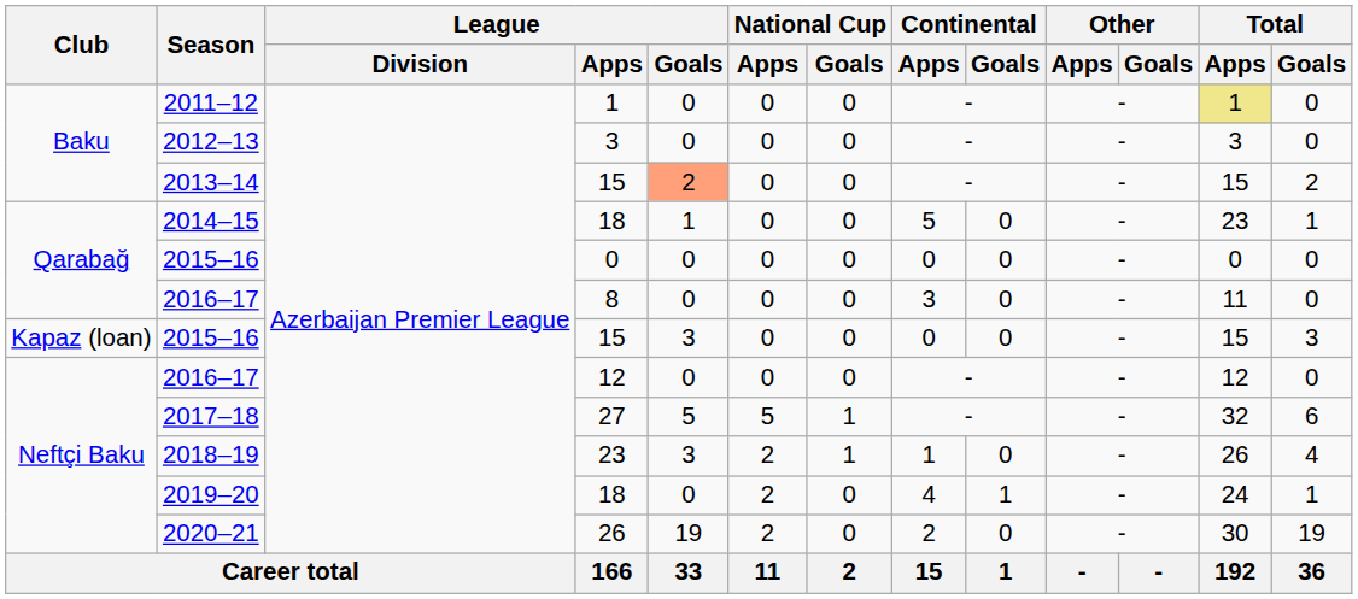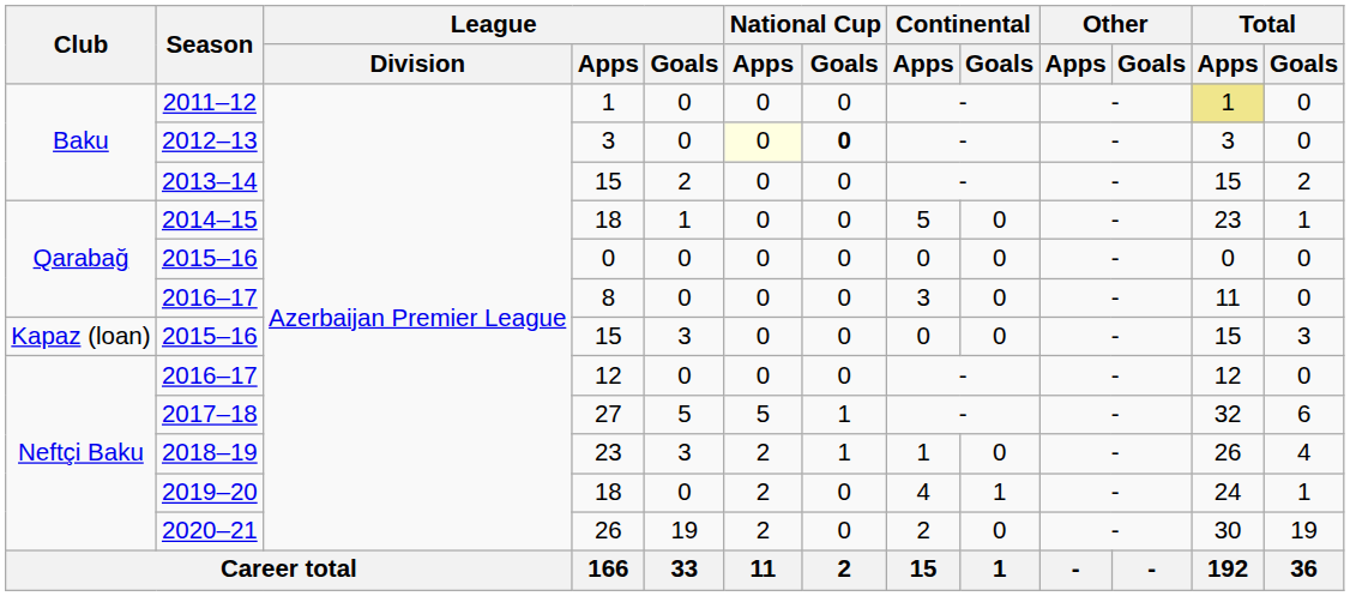 <table class="wikitable" style="text-align: center">
 <tr>
 <th rowspan="2">Club</th>
 <th rowspan="2">Season</th>
 <th colspan="3">League</th>
 <th colspan="2">National Cup</th>
 <th colspan="2">Continental</th>
 <th colspan="2">Other</th>
 <th colspan="2">Total</th>
 </tr>
 <tr>
 <th>Division</th>
 <th>Apps</th>
 <th>Goals</th>
 <th>Apps</th>
 <th>Goals</th>
 <th>Apps</th>
 <th>Goals</th>
 <th>Apps</th>
 <th>Goals</th>
 <th>Apps</th>
 <th>Goals</th>
 </tr>
 <tr>
 <td rowspan="3"><a href='#'>Baku</a></td>
 <td><a href='#'>2011–12</a></td>
 <td rowspan="12"><a href='#'>Azerbaijan Premier League</a></td>
 <td>1</td>
 <td>0</td>
 <td>0</td>
 <td>0</td>
 <td colspan="2">-</td>
 <td colspan="2">-</td>
 <td style="background: khaki;">1</td>
 <td>0</td>
 </tr>
 <tr>
 <td><a href='#'>2012–13</a></td>
 <td>3</td>
 <td>0</td>
-<td>0</td>
-<td>0</td>
+<td style="background: lightyellow;">0</td>
+<td><strong>0</strong></td>
 <td colspan="2">-</td>
 <td colspan="2">-</td>
 <td>3</td>
 <td>0</td>
 </tr>
 <tr>
 <td><a href='#'>2013–14</a></td>
 <td>15</td>
-<td style="background: lightsalmon;">2</td>
+<td>2</td>
 <td>0</td>
 <td>0</td>
 <td colspan="2">-</td>
 <td colspan="2">-</td>
 <td>15</td>
 <td>2</td>
 </tr>
 <tr>
 <td rowspan="3"><a href='#'>Qarabağ</a></td>
 <td><a href='#'>2014–15</a></td>
 <td>18</td>
 <td>1</td>
 <td>0</td>
 <td>0</td>
 <td>5</td>
 <td>0</td>
 <td colspan="2">-</td>
 <td>23</td>
 <td>1</td>
 </tr>
 <tr>
 <td><a href='#'>2015–16</a></td>
 <td>0</td>
 <td>0</td>
 <td>0</td>
 <td>0</td>
 <td>0</td>
 <td>0</td>
 <td colspan="2">-</td>
 <td>0</td>
 <td>0</td>
 </tr>
 <tr>
 <td><a href='#'>2016–17</a></td>
 <td>8</td>
 <td>0</td>
 <td>0</td>
 <td>0</td>
 <td>3</td>
 <td>0</td>
 <td colspan="2">-</td>
 <td>11</td>
 <td>0</td>
 </tr>
 <tr>
 <td rowspan=><a href='#'>Kapaz</a> (loan)</td>
 <td><a href='#'>2015–16</a></td>
 <td>15</td>
 <td>3</td>
 <td>0</td>
 <td>0</td>
 <td>0</td>
 <td>0</td>
 <td colspan="2">-</td>
 <td>15</td>
 <td>3</td>
 </tr>
 <tr>
 <td rowspan="5"><a href='#'>Neftçi Baku</a></td>
 <td><a href='#'>2016–17</a></td>
 <td>12</td>
 <td>0</td>
 <td>0</td>
 <td>0</td>
 <td colspan="2">-</td>
 <td colspan="2">-</td>
 <td>12</td>
 <td>0</td>
 </tr>
 <tr>
 <td><a href='#'>2017–18</a></td>
 <td>27</td>
 <td>5</td>
 <td>5</td>
 <td>1</td>
 <td colspan="2">-</td>
 <td colspan="2">-</td>
 <td>32</td>
 <td>6</td>
 </tr>
 <tr>
 <td><a href='#'>2018–19</a></td>
 <td>23</td>
 <td>3</td>
 <td>2</td>
 <td>1</td>
 <td>1</td>
 <td>0</td>
 <td colspan="2">-</td>
 <td>26</td>
 <td>4</td>
 </tr>
 <tr>
 <td><a href='#'>2019–20</a></td>
 <td>18</td>
 <td>0</td>
 <td>2</td>
 <td>0</td>
 <td>4</td>
 <td>1</td>
 <td colspan="2">-</td>
 <td>24</td>
 <td>1</td>
 </tr>
 <tr>
 <td><a href='#'>2020–21</a></td>
 <td>26</td>
 <td>19</td>
 <td>2</td>
 <td>0</td>
 <td>2</td>
 <td>0</td>
 <td colspan="2">-</td>
 <td>30</td>
 <td>19</td>
 </tr>
 <tr>
 <th colspan="3">Career total</th>
 <th>166</th>
 <th>33</th>
 <th>11</th>
 <th>2</th>
 <th>15</th>
 <th>1</th>
 <th>-</th>
 <th>-</th>
 <th>192</th>
 <th>36</th>
 </tr>
 </table>
